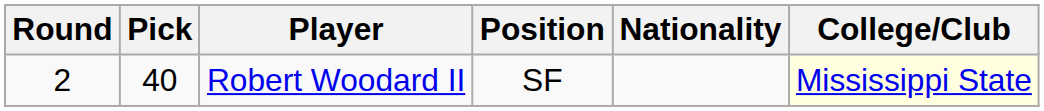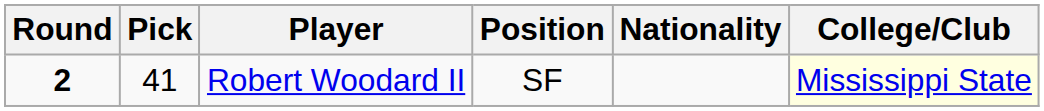 <table class="wikitable sortable sortable" style="text-align: center">
 <tr>
 <th>Round</th>
 <th>Pick</th>
 <th>Player</th>
 <th>Position</th>
 <th>Nationality</th>
 <th>College/Club</th>
 </tr>
 <tr>
-<td>2</td>
-<td>40</td>
+<td><strong>2</strong></td>
+<td>41</td>
 <td><a href='#'>Robert Woodard II</a></td>
 <td>SF</td>
 <td></td>
 <td style="background: lightyellow;"><a href='#'>Mississippi State</a></td>
 </tr>
 </table>
